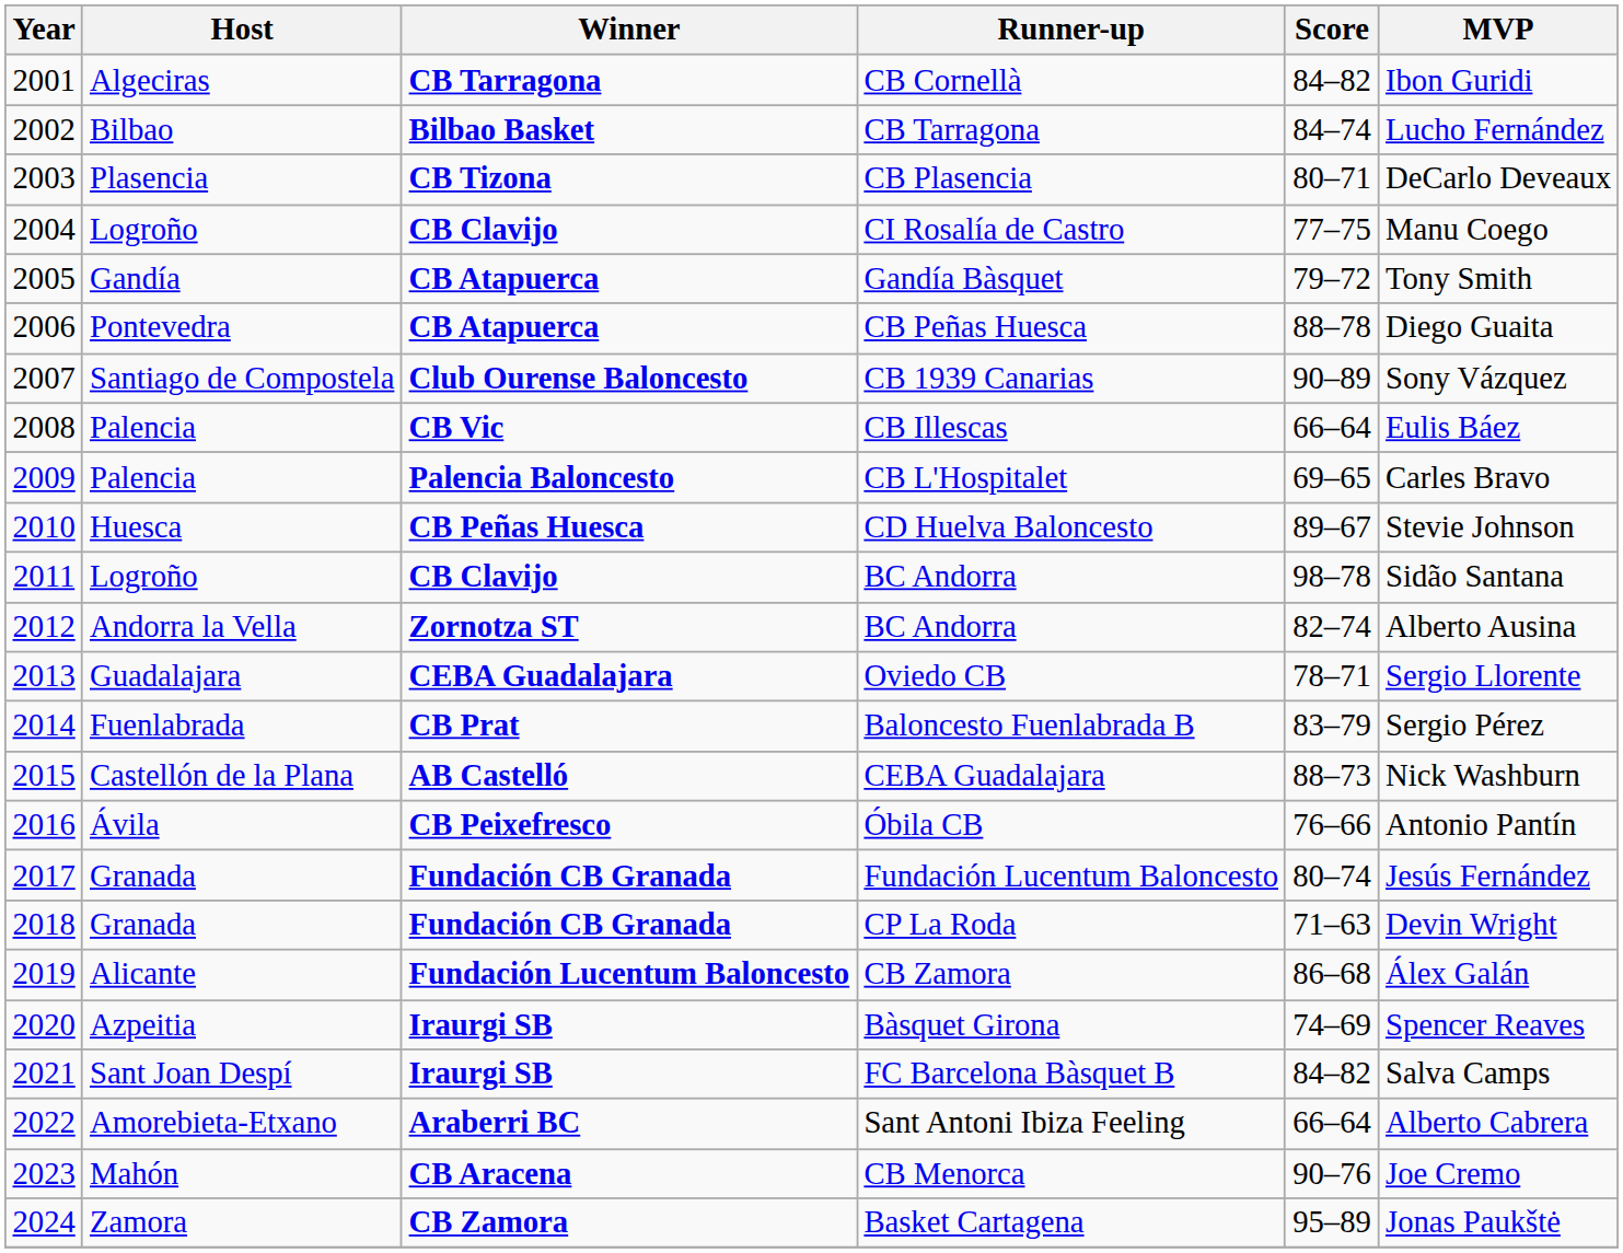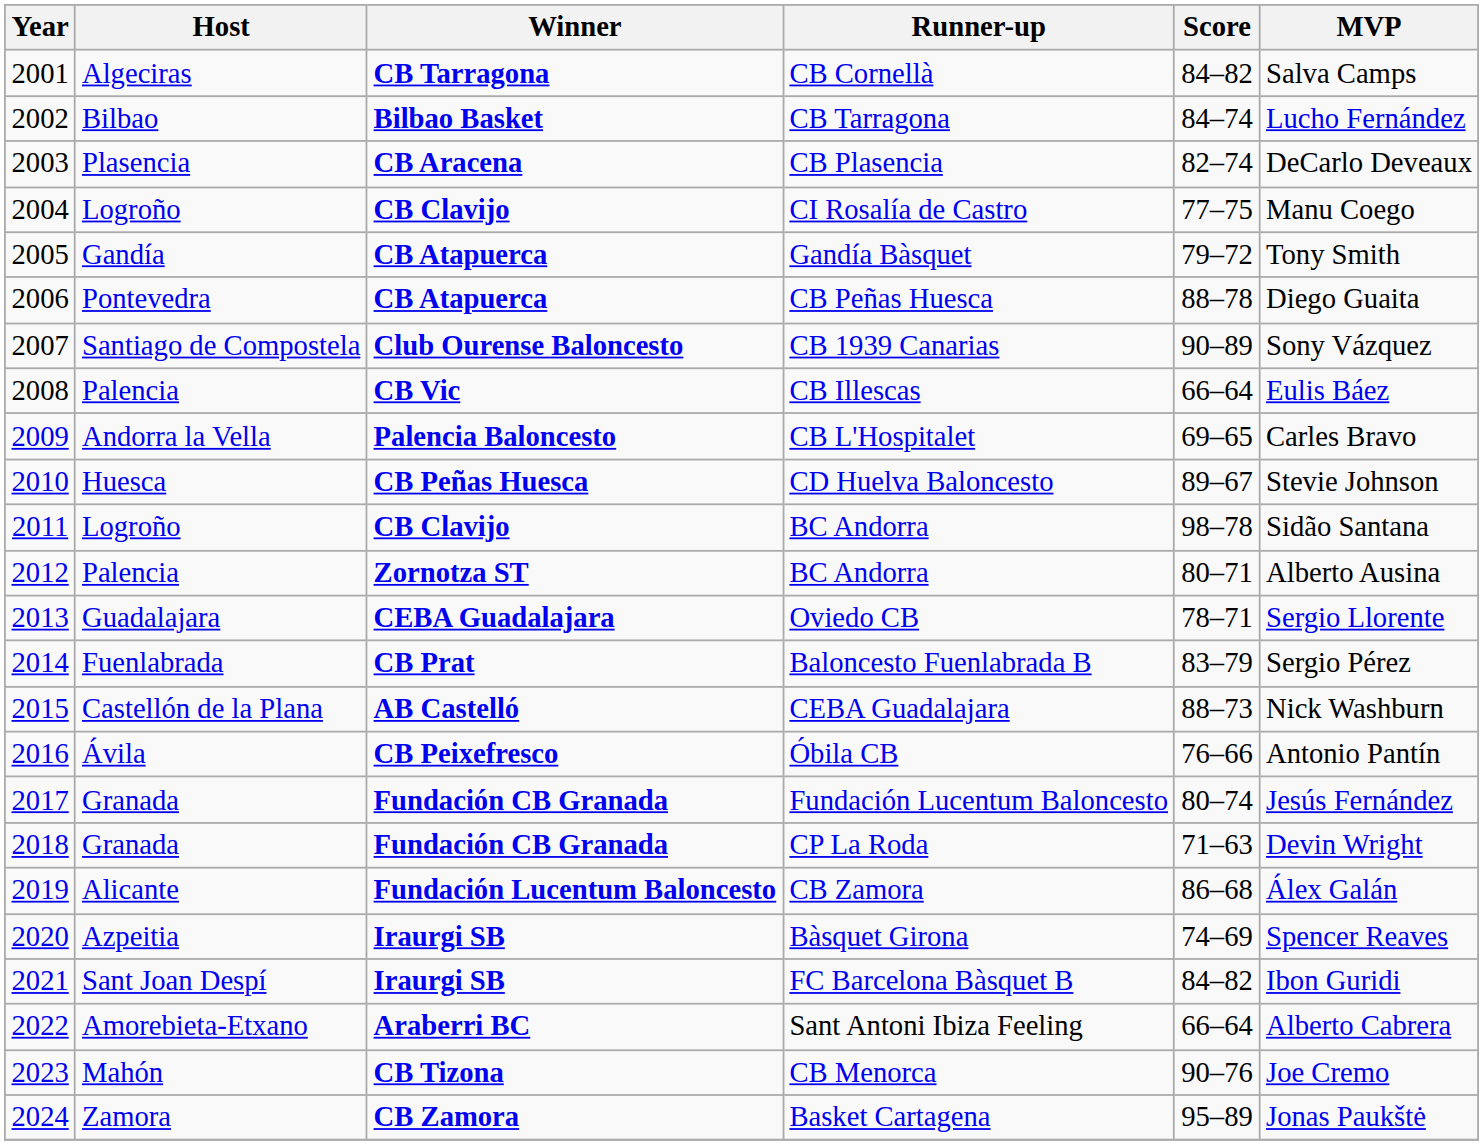 <table class="wikitable">
 <tr>
 <th>Year</th>
 <th>Host</th>
 <th>Winner</th>
 <th>Runner-up</th>
 <th>Score</th>
 <th>MVP</th>
 </tr>
 <tr>
 <td align="center">2001</td>
 <td><a href='#'>Algeciras</a></td>
 <td><strong><a href='#'>CB Tarragona</a></strong></td>
 <td><a href='#'>CB Cornellà</a></td>
 <td align="center">84–82</td>
-<td> <a href='#'>Ibon Guridi</a></td>
+<td> Salva Camps</td>
 </tr>
 <tr>
 <td align="center">2002</td>
 <td><a href='#'>Bilbao</a></td>
 <td><strong><a href='#'>Bilbao Basket</a></strong></td>
 <td><a href='#'>CB Tarragona</a></td>
 <td align="center">84–74</td>
 <td> <a href='#'>Lucho Fernández</a></td>
 </tr>
 <tr>
 <td align="center">2003</td>
 <td><a href='#'>Plasencia</a></td>
-<td><strong><a href='#'>CB Tizona</a></strong></td>
+<td><strong><a href='#'>CB Aracena</a></strong></td>
 <td><a href='#'>CB Plasencia</a></td>
-<td align="center">80–71</td>
+<td align="center">82–74</td>
 <td> DeCarlo Deveaux</td>
 </tr>
 <tr>
 <td align="center">2004</td>
 <td><a href='#'>Logroño</a></td>
 <td><strong><a href='#'>CB Clavijo</a></strong></td>
 <td><a href='#'>CI Rosalía de Castro</a></td>
 <td align="center">77–75</td>
 <td> Manu Coego</td>
 </tr>
 <tr>
 <td align="center">2005</td>
 <td><a href='#'>Gandía</a></td>
 <td><strong><a href='#'>CB Atapuerca</a></strong></td>
 <td><a href='#'>Gandía Bàsquet</a></td>
 <td align="center">79–72</td>
 <td> Tony Smith</td>
 </tr>
 <tr>
 <td align="center">2006</td>
 <td><a href='#'>Pontevedra</a></td>
 <td><strong><a href='#'>CB Atapuerca</a></strong></td>
 <td><a href='#'>CB Peñas Huesca</a></td>
 <td align="center">88–78</td>
 <td> Diego Guaita</td>
 </tr>
 <tr>
 <td align="center">2007</td>
 <td><a href='#'>Santiago de Compostela</a></td>
 <td><strong><a href='#'>Club Ourense Baloncesto</a></strong></td>
 <td><a href='#'>CB 1939 Canarias</a></td>
 <td align="center">90–89</td>
 <td> Sony Vázquez</td>
 </tr>
 <tr>
 <td align="center">2008</td>
 <td><a href='#'>Palencia</a></td>
 <td><strong><a href='#'>CB Vic</a></strong></td>
 <td><a href='#'>CB Illescas</a></td>
 <td align="center">66–64</td>
 <td> <a href='#'>Eulis Báez</a></td>
 </tr>
 <tr>
 <td align="center"><a href='#'>2009</a></td>
-<td><a href='#'>Palencia</a></td>
+<td><a href='#'>Andorra la Vella</a></td>
 <td><strong><a href='#'>Palencia Baloncesto</a></strong></td>
 <td><a href='#'>CB L'Hospitalet</a></td>
 <td align="center">69–65</td>
 <td> Carles Bravo</td>
 </tr>
 <tr>
 <td align="center"><a href='#'>2010</a></td>
 <td><a href='#'>Huesca</a></td>
 <td><strong><a href='#'>CB Peñas Huesca</a></strong></td>
 <td><a href='#'>CD Huelva Baloncesto</a></td>
 <td align="center">89–67</td>
 <td> Stevie Johnson</td>
 </tr>
 <tr>
 <td align="center"><a href='#'>2011</a></td>
 <td><a href='#'>Logroño</a></td>
 <td><strong><a href='#'>CB Clavijo</a></strong></td>
 <td><a href='#'>BC Andorra</a></td>
 <td align="center">98–78</td>
 <td> Sidão Santana</td>
 </tr>
 <tr>
 <td align="center"><a href='#'>2012</a></td>
-<td><a href='#'>Andorra la Vella</a></td>
+<td><a href='#'>Palencia</a></td>
 <td><strong><a href='#'>Zornotza ST</a></strong></td>
 <td><a href='#'>BC Andorra</a></td>
-<td align="center">82–74</td>
+<td align="center">80–71</td>
 <td> Alberto Ausina</td>
 </tr>
 <tr>
 <td align="center"><a href='#'>2013</a></td>
 <td><a href='#'>Guadalajara</a></td>
 <td><strong><a href='#'>CEBA Guadalajara</a></strong></td>
 <td><a href='#'>Oviedo CB</a></td>
 <td align="center">78–71</td>
 <td> <a href='#'>Sergio Llorente</a></td>
 </tr>
 <tr>
 <td align="center"><a href='#'>2014</a></td>
 <td><a href='#'>Fuenlabrada</a></td>
 <td><strong><a href='#'>CB Prat</a></strong></td>
 <td><a href='#'>Baloncesto Fuenlabrada B</a></td>
 <td align="center">83–79</td>
 <td> Sergio Pérez</td>
 </tr>
 <tr>
 <td align="center"><a href='#'>2015</a></td>
 <td><a href='#'>Castellón de la Plana</a></td>
 <td><strong><a href='#'>AB Castelló</a></strong></td>
 <td><a href='#'>CEBA Guadalajara</a></td>
 <td align="center">88–73</td>
 <td> Nick Washburn</td>
 </tr>
 <tr>
 <td align="center"><a href='#'>2016</a></td>
 <td><a href='#'>Ávila</a></td>
 <td><strong><a href='#'>CB Peixefresco</a></strong></td>
 <td><a href='#'>Óbila CB</a></td>
 <td align="center">76–66</td>
 <td> Antonio Pantín</td>
 </tr>
 <tr>
 <td align=center><a href='#'>2017</a></td>
 <td><a href='#'>Granada</a></td>
 <td><strong><a href='#'>Fundación CB Granada</a></strong></td>
 <td><a href='#'>Fundación Lucentum Baloncesto</a></td>
 <td align="center">80–74</td>
 <td> <a href='#'>Jesús Fernández</a></td>
 </tr>
 <tr>
 <td align=center><a href='#'>2018</a></td>
 <td><a href='#'>Granada</a></td>
 <td><strong><a href='#'>Fundación CB Granada</a></strong></td>
 <td><a href='#'>CP La Roda</a></td>
 <td align="center">71–63</td>
 <td> <a href='#'>Devin Wright</a></td>
 </tr>
 <tr>
 <td align=center><a href='#'>2019</a></td>
 <td><a href='#'>Alicante</a></td>
 <td><strong><a href='#'>Fundación Lucentum Baloncesto</a></strong></td>
 <td><a href='#'>CB Zamora</a></td>
 <td align="center">86–68</td>
 <td> <a href='#'>Álex Galán</a></td>
 </tr>
 <tr>
 <td align=center><a href='#'>2020</a></td>
 <td><a href='#'>Azpeitia</a></td>
 <td><strong><a href='#'>Iraurgi SB</a></strong></td>
 <td><a href='#'>Bàsquet Girona</a></td>
 <td align="center">74–69</td>
 <td> <a href='#'>Spencer Reaves</a></td>
 </tr>
 <tr>
 <td align=center><a href='#'>2021</a></td>
 <td><a href='#'>Sant Joan Despí</a></td>
 <td><strong><a href='#'>Iraurgi SB</a></strong></td>
 <td><a href='#'>FC Barcelona Bàsquet B</a></td>
 <td align="center">84–82</td>
-<td> Salva Camps</td>
+<td> <a href='#'>Ibon Guridi</a></td>
 </tr>
 <tr>
 <td align=center><a href='#'>2022</a></td>
 <td><a href='#'>Amorebieta-Etxano</a></td>
 <td><strong><a href='#'>Araberri BC</a></strong></td>
 <td>Sant Antoni Ibiza Feeling</td>
 <td align="center">66–64</td>
 <td>  <a href='#'>Alberto Cabrera</a></td>
 </tr>
 <tr>
 <td align=center><a href='#'>2023</a></td>
 <td><a href='#'>Mahón</a></td>
-<td><strong><a href='#'>CB Aracena</a></strong></td>
+<td><strong><a href='#'>CB Tizona</a></strong></td>
 <td><a href='#'>CB Menorca</a></td>
 <td align="center">90–76</td>
 <td>  <a href='#'>Joe Cremo</a></td>
 </tr>
 <tr>
 <td align=center><a href='#'>2024</a></td>
 <td><a href='#'>Zamora</a></td>
 <td><strong><a href='#'>CB Zamora</a></strong></td>
 <td><a href='#'>Basket Cartagena</a></td>
 <td align="center">95–89</td>
 <td> <a href='#'>Jonas Paukštė</a></td>
 </tr>
 <tr>
 </tr>
 </table>
